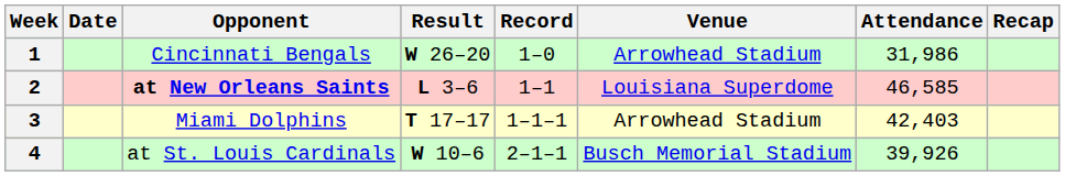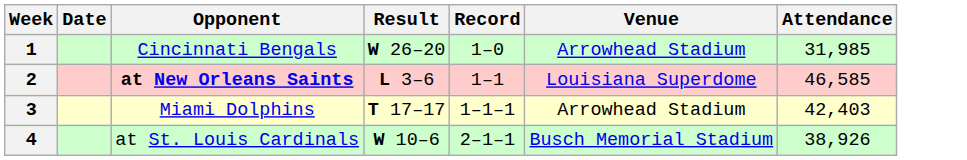 <table class="wikitable" style="text-align:center">
 <tr>
 <th>Week</th>
 <th>Date</th>
 <th>Opponent</th>
 <th>Result</th>
 <th>Record</th>
 <th>Venue</th>
 <th>Attendance</th>
-<th>Recap</th>
 </tr>
 <tr style="background:#cfc">
 <th>1</th>
 <td></td>
 <td><a href='#'>Cincinnati Bengals</a></td>
 <td><strong>W</strong> 26–20</td>
 <td>1–0</td>
 <td><a href='#'>Arrowhead Stadium</a></td>
-<td>31,986</td>
-<td></td>
+<td>31,985</td>
 </tr>
 <tr style="background:#fcc">
 <th>2</th>
 <td></td>
 <td><strong>at <a href='#'>New Orleans Saints</a></strong></td>
 <td><strong>L</strong> 3–6</td>
 <td>1–1</td>
 <td><a href='#'>Louisiana Superdome</a></td>
 <td>46,585</td>
-<td></td>
 </tr>
 <tr style="background:#ffc">
 <th>3</th>
 <td></td>
 <td><a href='#'>Miami Dolphins</a></td>
 <td><strong>T</strong> 17–17 </td>
 <td>1–1–1</td>
 <td>Arrowhead Stadium</td>
 <td>42,403</td>
-<td></td>
 </tr>
 <tr style="background:#cfc">
 <th>4</th>
 <td></td>
 <td>at <a href='#'>St. Louis Cardinals</a></td>
 <td><strong>W</strong> 10–6</td>
 <td>2–1–1</td>
 <td><a href='#'>Busch Memorial Stadium</a></td>
-<td>39,926</td>
-<td></td>
+<td>38,926</td>
 </tr>
 </table>
